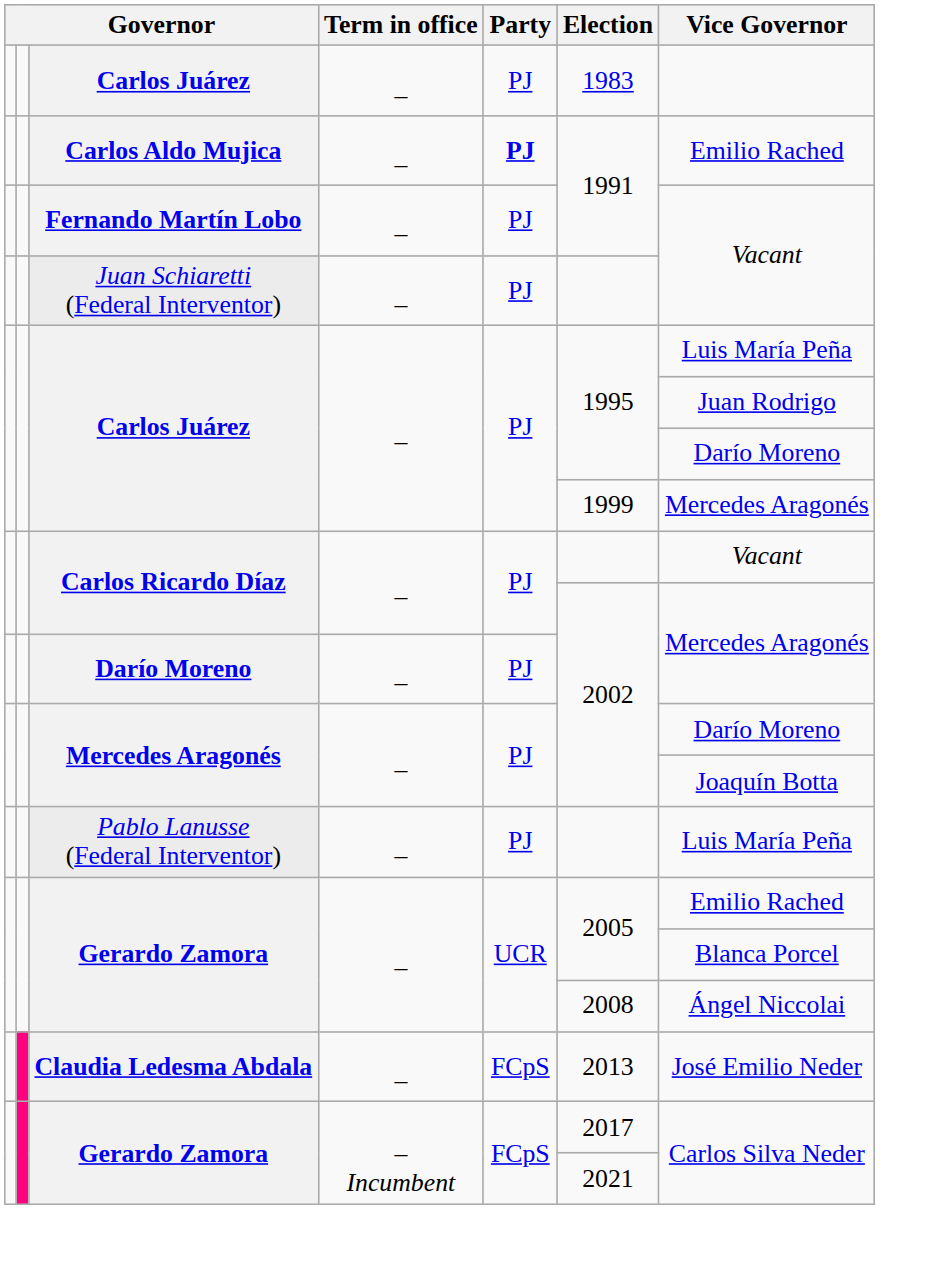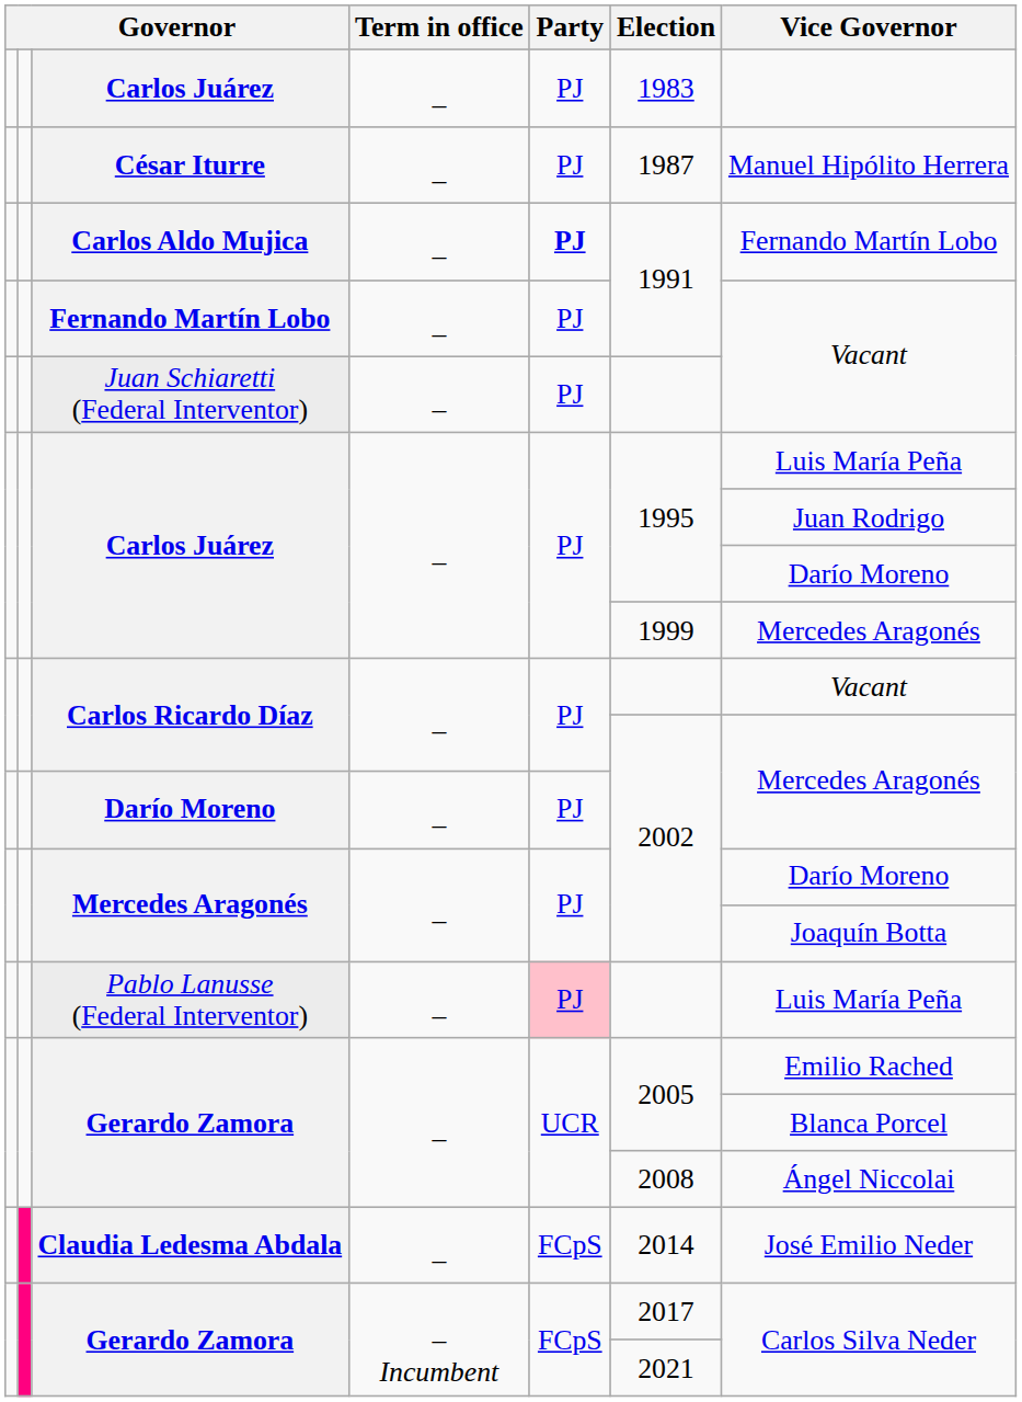 <table class="wikitable sortable" style="text-align: center;">
 <tr>
 <th scope="col" colspan="3">Governor</th>
 <th scope="col">Term in office</th>
 <th scope="col">Party</th>
 <th scope="col">Election</th>
 <th scope="col">Vice Governor</th>
 </tr>
 <tr style="height:2em;">
 <td data-sort-value="Juárez, Carlos"></td>
 <td style="background:"></td>
 <th scope="row"><a href='#'>Carlos Juárez</a></th>
 <td><br>–<br></td>
 <td><a href='#'>PJ</a></td>
 <td><a href='#'>1983</a></td>
 <td></td>
 </tr>
 <tr style="height:2em;">
+<td data-sort-value="Iturre, César"></td>
+<td style="background:"></td>
+<th scope="row"><a href='#'>César Iturre</a></th>
+<td><br>–<br></td>
+<td><a href='#'>PJ</a></td>
+<td>1987</td>
+<td data-sort-value="Herrera, Manuel Hipólito"><a href='#'>Manuel Hipólito Herrera</a></td>
+</tr>
+<tr style="height:2em;">
 <td data-sort-value="Mujica, Carlos"></td>
 <td style="background:"></td>
 <th scope="row"><a href='#'>Carlos Aldo Mujica</a></th>
 <td><br>–<br></td>
 <td><strong><a href='#'>PJ</a></strong></td>
 <td rowspan="2">1991</td>
-<td data-sort-value="Rached, Emilio"><a href='#'>Emilio Rached</a></td>
+<td data-sort-value="Lobo, Fernando Martín"><a href='#'>Fernando Martín Lobo</a></td>
 </tr>
 <tr style="height:2em;">
 <td data-sort-value="Lobo, Fernando Martín"></td>
 <td style="background:"></td>
 <th scope="row"><a href='#'>Fernando Martín Lobo</a></th>
 <td><br>–<br></td>
 <td><a href='#'>PJ</a></td>
 <td rowspan="2"><em>Vacant</em></td>
 </tr>
 <tr style="height:2em;">
 <td data-sort-value="Schiaretti, Juan"></td>
 <td style="background:"></td>
 <td style="background:#ececec;" scope="row"><em><a href='#'>Juan Schiaretti</a></em><br>(<a href='#'>Federal Interventor</a>)</td>
 <td><br>–<br></td>
 <td><a href='#'>PJ</a></td>
 <td></td>
 </tr>
 <tr style="height:2em;">
 <td rowspan="4" data-sort-value="Juárez, Carlos"></td>
 <td rowspan="4" style="background:"></td>
 <th rowspan="4" scope="row"><a href='#'>Carlos Juárez</a></th>
 <td rowspan="4"><br>–<br></td>
 <td rowspan="4"><a href='#'>PJ</a></td>
 <td rowspan="3">1995</td>
 <td data-sort-value="Peña, Luis María"><a href='#'>Luis María Peña</a></td>
 </tr>
 <tr style="height:2em;">
 <td data-sort-value="Rodrigo, Juan"><a href='#'>Juan Rodrigo</a></td>
 </tr>
 <tr style="height:2em;">
 <td data-sort-value="Moreno, Darío"><a href='#'>Darío Moreno</a></td>
 </tr>
 <tr style="height:2em;">
 <td>1999</td>
 <td data-sort-value="Aragonés, Mercedes"><a href='#'>Mercedes Aragonés</a></td>
 </tr>
 <tr style="height:2em;">
 <td rowspan="2" data-sort-value="Díaz, Carlos Ricardo"></td>
 <td rowspan="2" style="background:"></td>
 <th rowspan="2" scope="row"><a href='#'>Carlos Ricardo Díaz</a></th>
 <td rowspan="2"><br>–<br></td>
 <td rowspan="2"><a href='#'>PJ</a></td>
 <td></td>
 <td><em>Vacant</em></td>
 </tr>
 <tr style="height:2em;">
 <td rowspan="4">2002</td>
 <td rowspan="2" data-sort-value="Aragonés, Mercedes"><a href='#'>Mercedes Aragonés</a></td>
 </tr>
 <tr style="height:2em;">
 <td data-sort-value="Moreno, Darío"></td>
 <td style="background:"></td>
 <th scope="row"><a href='#'>Darío Moreno</a></th>
 <td><br>–<br></td>
 <td><a href='#'>PJ</a></td>
 </tr>
 <tr style="height:2em;">
 <td rowspan="2" data-sort-value="Aragonés, Mercedes"></td>
 <td rowspan="2" style="background:"></td>
 <th rowspan="2" scope="row"><a href='#'>Mercedes Aragonés</a></th>
 <td rowspan="2"><br>–<br></td>
 <td rowspan="2"><a href='#'>PJ</a></td>
 <td data-sort-value="Moreno, Darío"><a href='#'>Darío Moreno</a></td>
 </tr>
 <tr style="height:2em;">
 <td data-sort-value="Botta, Joaquín"><a href='#'>Joaquín Botta</a></td>
 </tr>
 <tr style="height:2em;">
 <td data-sort-value="Lanusse, Pablo"></td>
 <td style="background:"></td>
 <td style="background:#ececec;" scope="row"><em><a href='#'>Pablo Lanusse</a></em><br>(<a href='#'>Federal Interventor</a>)</td>
 <td><br>–<br></td>
-<td><a href='#'>PJ</a></td>
+<td style="background: pink;"><a href='#'>PJ</a></td>
 <td></td>
 <td data-sort-value="Peña, Luis María"><a href='#'>Luis María Peña</a></td>
 </tr>
 <tr style="height:2em;">
 <td rowspan="3" data-sort-value="Zamora, Gerardo"></td>
 <td rowspan="3" style="background:"></td>
 <th rowspan="3" scope="row"><a href='#'>Gerardo Zamora</a></th>
 <td rowspan="3"><br>–<br></td>
 <td rowspan="3"><a href='#'>UCR</a></td>
 <td rowspan="2">2005</td>
 <td data-sort-value="Rached, Emilio"><a href='#'>Emilio Rached</a></td>
 </tr>
 <tr style="height:2em;">
 <td data-sort-value="Porcel, Blanca"><a href='#'>Blanca Porcel</a></td>
 </tr>
 <tr style="height:2em;">
 <td>2008</td>
 <td data-sort-value="Niccolai, Ángel"><a href='#'>Ángel Niccolai</a></td>
 </tr>
 <tr style="height:2em;">
 <td data-sort-value="Ledesma Abdala, Claudia"></td>
 <td style="background:#FF0080;"></td>
 <th scope="row"><a href='#'>Claudia Ledesma Abdala</a></th>
 <td><br>–<br></td>
 <td><a href='#'>FCpS</a></td>
-<td>2013</td>
+<td>2014</td>
 <td data-sort-value="Neder, José Emilio"><a href='#'>José Emilio Neder</a></td>
 </tr>
 <tr style="height:2em;">
 <td rowspan="2" data-sort-value="Zamora, Gerardo"></td>
 <td rowspan="2" style="background:#FF0080;"></td>
 <th rowspan="2" scope="row"><a href='#'>Gerardo Zamora</a></th>
 <td rowspan="2"><br>–<br><em>Incumbent</em></td>
 <td rowspan="2"><a href='#'>FCpS</a></td>
 <td>2017</td>
 <td rowspan="2" data-sort-value="Silva Neder, Carlos"><a href='#'>Carlos Silva Neder</a></td>
 </tr>
 <tr style="height:2em;">
 <td>2021</td>
 </tr>
 </table>
